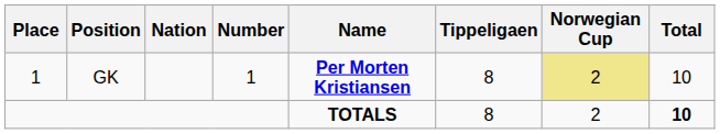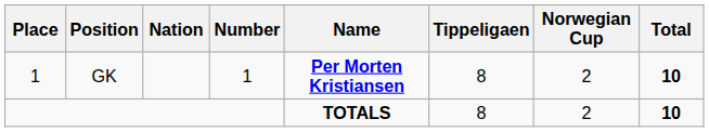 <table class="wikitable" style="font-size: 95%; text-align: center;">
 <tr>
 <th width=60>Place</th>
 <th width=60>Position</th>
 <th width=60>Nation</th>
 <th width=60>Number</th>
 <th width=200>Name</th>
 <th width=80>Tippeligaen</th>
 <th width=100>Norwegian Cup</th>
 <th width=80><strong>Total</strong></th>
 </tr>
 <tr>
 <td>1</td>
 <td>GK</td>
 <td></td>
 <td>1</td>
 <td><strong><a href='#'>Per Morten Kristiansen</a></strong></td>
 <td>8</td>
-<td style="background: khaki;">2</td>
-<td>10</td>
+<td>2</td>
+<td><strong>10</strong></td>
 </tr>
 <tr>
 <td colspan="4"></td>
 <td><strong>TOTALS</strong></td>
 <td>8</td>
 <td>2</td>
 <td><strong>10</strong></td>
 </tr>
 </table>
